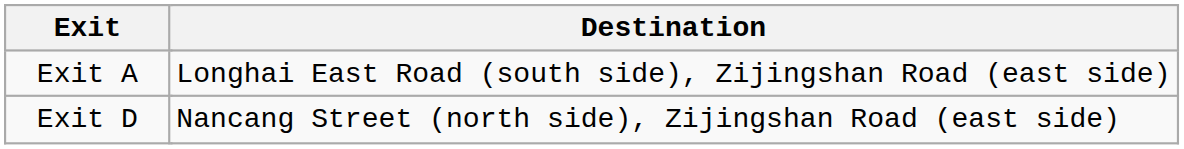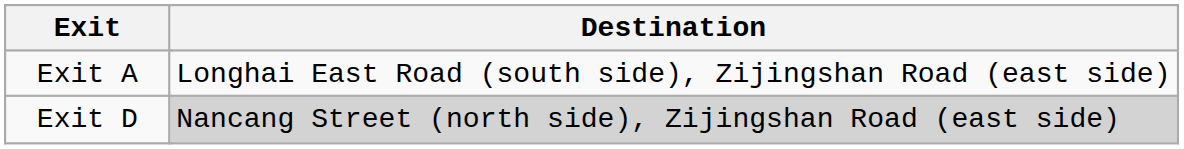 <table class="wikitable">
 <tr>
 <th style="width:70px" colspan="2">Exit</th>
 <th>Destination</th>
 </tr>
 <tr>
 <td align="center" colspan="2">Exit A</td>
 <td>Longhai East Road (south side), Zijingshan Road (east side)</td>
 </tr>
 <tr>
 <td align="center" colspan="2">Exit D</td>
-<td>Nancang Street (north side), Zijingshan Road (east side)</td>
+<td style="background: lightgrey;">Nancang Street (north side), Zijingshan Road (east side)</td>
 </tr>
 </table>
